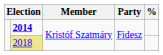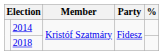 <table class=wikitable>
 <tr>
 <th colspan=2>Election</th>
 <th>Member</th>
 <th>Party</th>
 <th>%</th>
 </tr>
 <tr>
 <td rowspan=2 bgcolor=></td>
-<td><strong><a href='#'>2014</a></strong></td>
+<td><a href='#'>2014</a></td>
 <td rowspan=2><a href='#'>Kristóf Szatmáry</a></td>
 <td rowspan=2><a href='#'>Fidesz</a></td>
 <td align=right></td>
 </tr>
 <tr>
-<td style="background: khaki;"><a href='#'>2018</a></td>
+<td><a href='#'>2018</a></td>
 <td align=right></td>
 </tr>
 </table>
